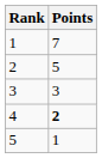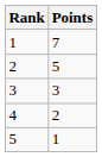 <table class="wikitable">
 <tr>
 <th>Rank</th>
 <th>Points</th>
 </tr>
 <tr>
 <td>1</td>
 <td>7</td>
 </tr>
 <tr>
 <td>2</td>
 <td>5</td>
 </tr>
 <tr>
 <td>3</td>
 <td>3</td>
 </tr>
 <tr>
 <td>4</td>
-<td><strong>2</strong></td>
+<td>2</td>
 </tr>
 <tr>
 <td>5</td>
 <td>1</td>
 </tr>
 </table>
